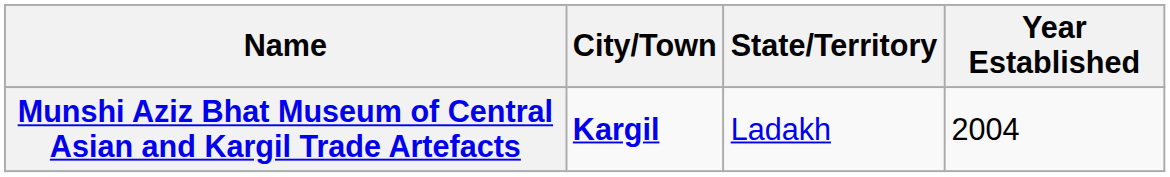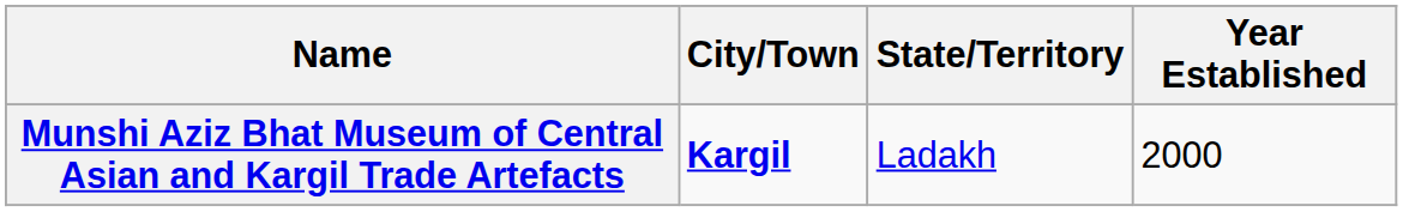 <table class="wikitable sortable">
 <tr>
 <th scope=col>Name</th>
 <th scope=col>City/Town</th>
 <th scope=col>State/Territory</th>
 <th scope=col>Year Established</th>
 </tr>
 <tr>
 <th scope=row><a href='#'>Munshi Aziz Bhat Museum of Central Asian and Kargil Trade Artefacts</a></th>
 <td><strong><a href='#'>Kargil</a></strong></td>
 <td><a href='#'>Ladakh</a></td>
-<td>2004</td>
+<td>2000</td>
 </tr>
 </table>
